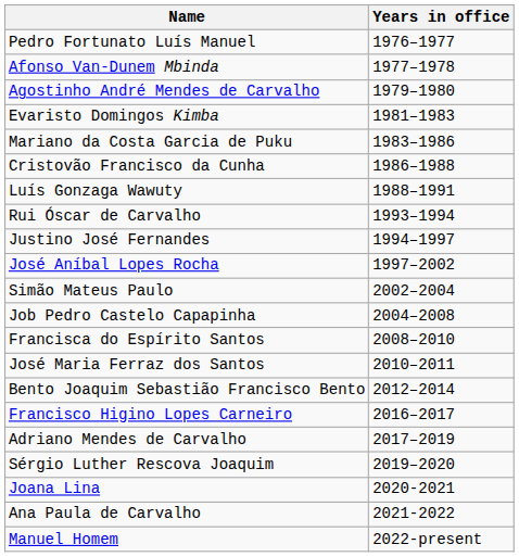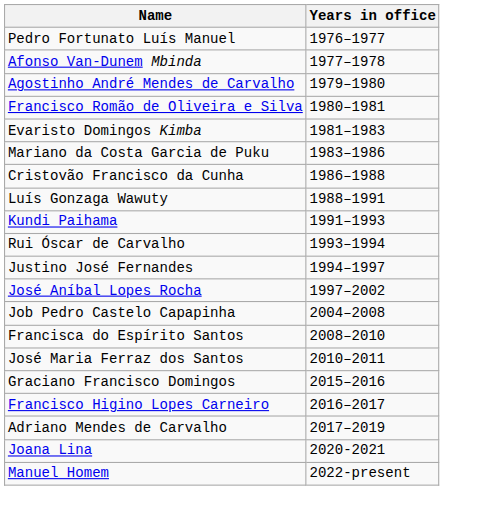 <table class="wikitable sortable">
 <tr>
 <th>Name</th>
 <th>Years in office</th>
 </tr>
 <tr>
 <td>Pedro Fortunato Luís Manuel</td>
 <td>1976–1977</td>
 </tr>
 <tr>
 <td><a href='#'>Afonso Van-Dunem</a> <em>Mbinda</em></td>
 <td>1977–1978</td>
 </tr>
 <tr>
 <td><a href='#'>Agostinho André Mendes de Carvalho</a></td>
 <td>1979–1980</td>
 </tr>
 <tr>
+<td><a href='#'>Francisco Romão de Oliveira e Silva</a></td>
+<td>1980–1981</td>
+</tr>
+<tr>
 <td>Evaristo Domingos <em>Kimba</em></td>
 <td>1981–1983</td>
 </tr>
 <tr>
 <td>Mariano da Costa Garcia de Puku</td>
 <td>1983–1986</td>
 </tr>
 <tr>
 <td>Cristovão Francisco da Cunha</td>
 <td>1986–1988</td>
 </tr>
 <tr>
 <td>Luís Gonzaga Wawuty</td>
 <td>1988–1991</td>
 </tr>
 <tr>
+<td><a href='#'>Kundi Paihama</a></td>
+<td>1991–1993</td>
+</tr>
+<tr>
 <td>Rui Óscar de Carvalho</td>
 <td>1993–1994</td>
 </tr>
 <tr>
 <td>Justino José Fernandes</td>
 <td>1994–1997</td>
 </tr>
 <tr>
 <td><a href='#'>José Aníbal Lopes Rocha</a></td>
 <td>1997–2002</td>
-</tr>
-<tr>
-<td>Simão Mateus Paulo</td>
-<td>2002–2004</td>
 </tr>
 <tr>
 <td>Job Pedro Castelo Capapinha</td>
 <td>2004–2008</td>
 </tr>
 <tr>
 <td>Francisca do Espírito Santos</td>
 <td>2008–2010</td>
 </tr>
 <tr>
 <td>José Maria Ferraz dos Santos</td>
 <td>2010–2011</td>
 </tr>
 <tr>
-<td>Bento Joaquim Sebastião Francisco Bento</td>
-<td>2012–2014</td>
+<td>Graciano Francisco Domingos</td>
+<td>2015–2016</td>
 </tr>
 <tr>
 <td><a href='#'>Francisco Higino Lopes Carneiro</a></td>
 <td>2016–2017</td>
 </tr>
 <tr>
 <td>Adriano Mendes de Carvalho</td>
 <td>2017–2019</td>
 </tr>
 <tr>
-<td>Sérgio Luther Rescova Joaquim</td>
-<td>2019–2020</td>
-</tr>
-<tr>
 <td><a href='#'>Joana Lina</a></td>
 <td>2020-2021</td>
-</tr>
-<tr>
-<td>Ana Paula de Carvalho</td>
-<td>2021-2022</td>
 </tr>
 <tr>
 <td><a href='#'>Manuel Homem</a></td>
 <td>2022-present</td>
 </tr>
 </table>
